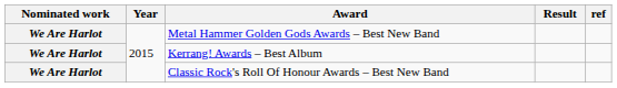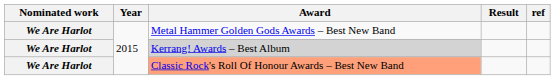 <table class="wikitable plainrowheaders" style="width:50%;">
 <tr>
 <th>Nominated work</th>
 <th>Year</th>
 <th>Award</th>
 <th>Result</th>
 <th>ref</th>
 </tr>
 <tr>
 <th scope="row"><em>We Are Harlot</em></th>
 <td rowspan=3>2015</td>
 <td><a href='#'>Metal Hammer Golden Gods Awards</a> – Best New Band</td>
 <td></td>
 <td></td>
 </tr>
 <tr>
 <th scope="row"><em>We Are Harlot</em></th>
-<td><a href='#'>Kerrang! Awards</a> – Best Album</td>
+<td style="background: lightgrey;"><a href='#'>Kerrang! Awards</a> – Best Album</td>
 <td></td>
 <td></td>
 </tr>
 <tr>
 <th scope="row"><em>We Are Harlot</em></th>
-<td><a href='#'>Classic Rock</a>'s Roll Of Honour Awards – Best New Band</td>
+<td style="background: lightsalmon;"><a href='#'>Classic Rock</a>'s Roll Of Honour Awards – Best New Band</td>
 <td></td>
 <td></td>
 </tr>
 </table>
